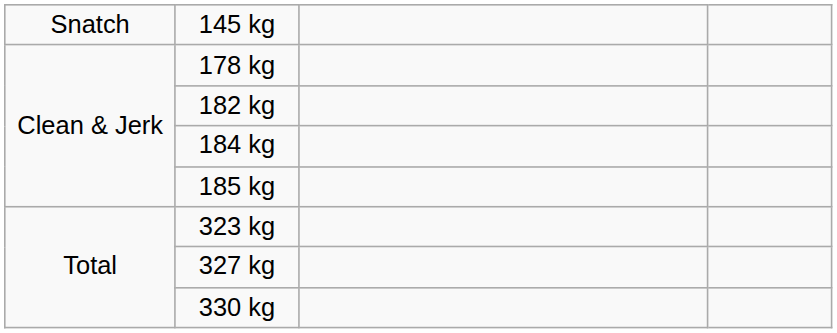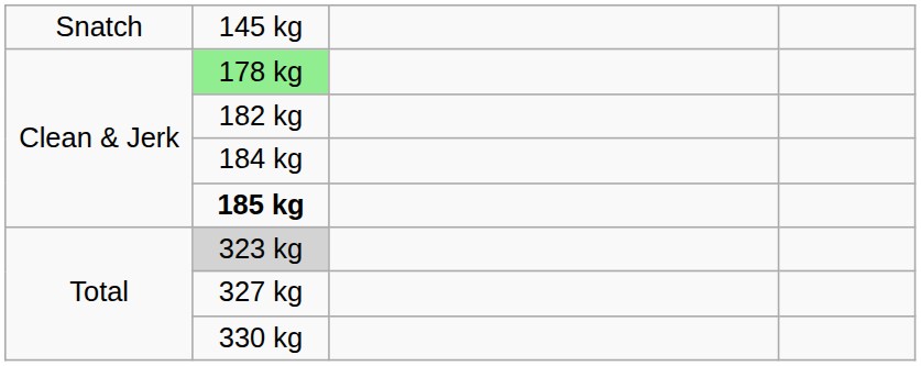 <table class = "wikitable" style="text-align:center;">
 <tr>
 <td width=100>Snatch</td>
 <td width=70>145 kg</td>
 <td width=250 align=left></td>
 <td width=70></td>
 </tr>
 <tr>
 <td rowspan=4>Clean & Jerk</td>
-<td>178 kg</td>
+<td style="background: lightgreen;">178 kg</td>
 <td width=250 align=left></td>
 <td></td>
 </tr>
 <tr>
 <td>182 kg</td>
 <td width=250 align=left></td>
 <td></td>
 </tr>
 <tr>
 <td>184 kg</td>
 <td width=250 align=left></td>
 <td></td>
 </tr>
 <tr>
-<td>185 kg</td>
+<td><strong>185 kg</strong></td>
 <td width=250 align=left></td>
 <td></td>
 </tr>
 <tr>
 <td rowspan=3>Total</td>
-<td>323 kg</td>
+<td style="background: lightgrey;">323 kg</td>
 <td width=250 align=left></td>
 <td></td>
 </tr>
 <tr>
 <td>327 kg</td>
 <td width=250 align=left></td>
 <td></td>
 </tr>
 <tr>
 <td>330 kg</td>
 <td width=250 align=left></td>
 <td></td>
 </tr>
 </table>
